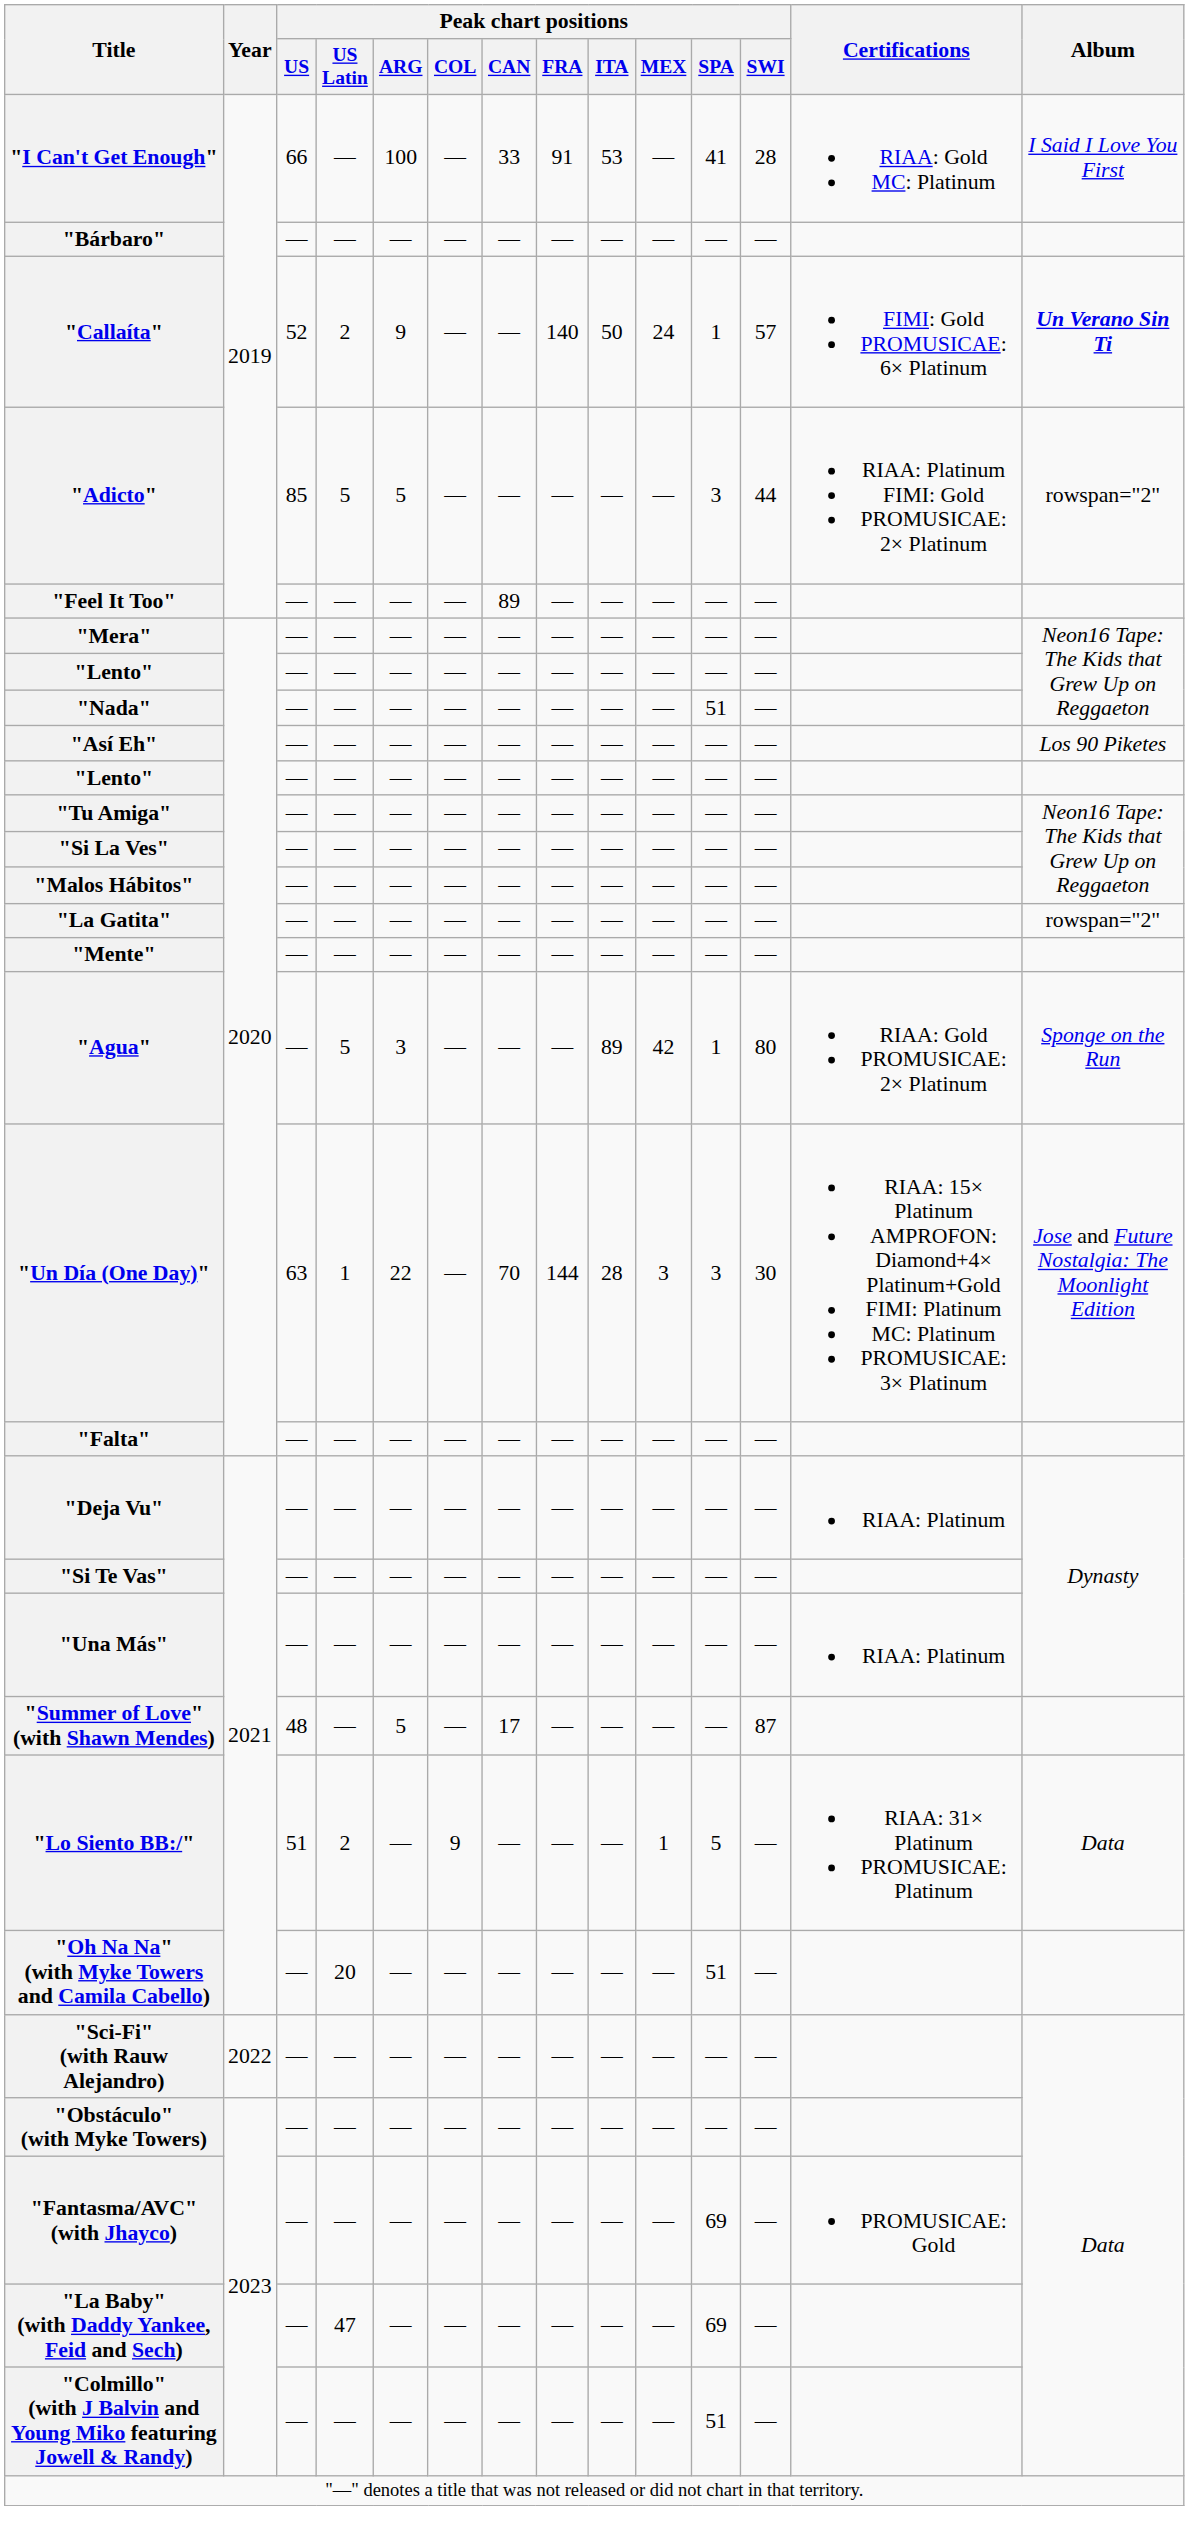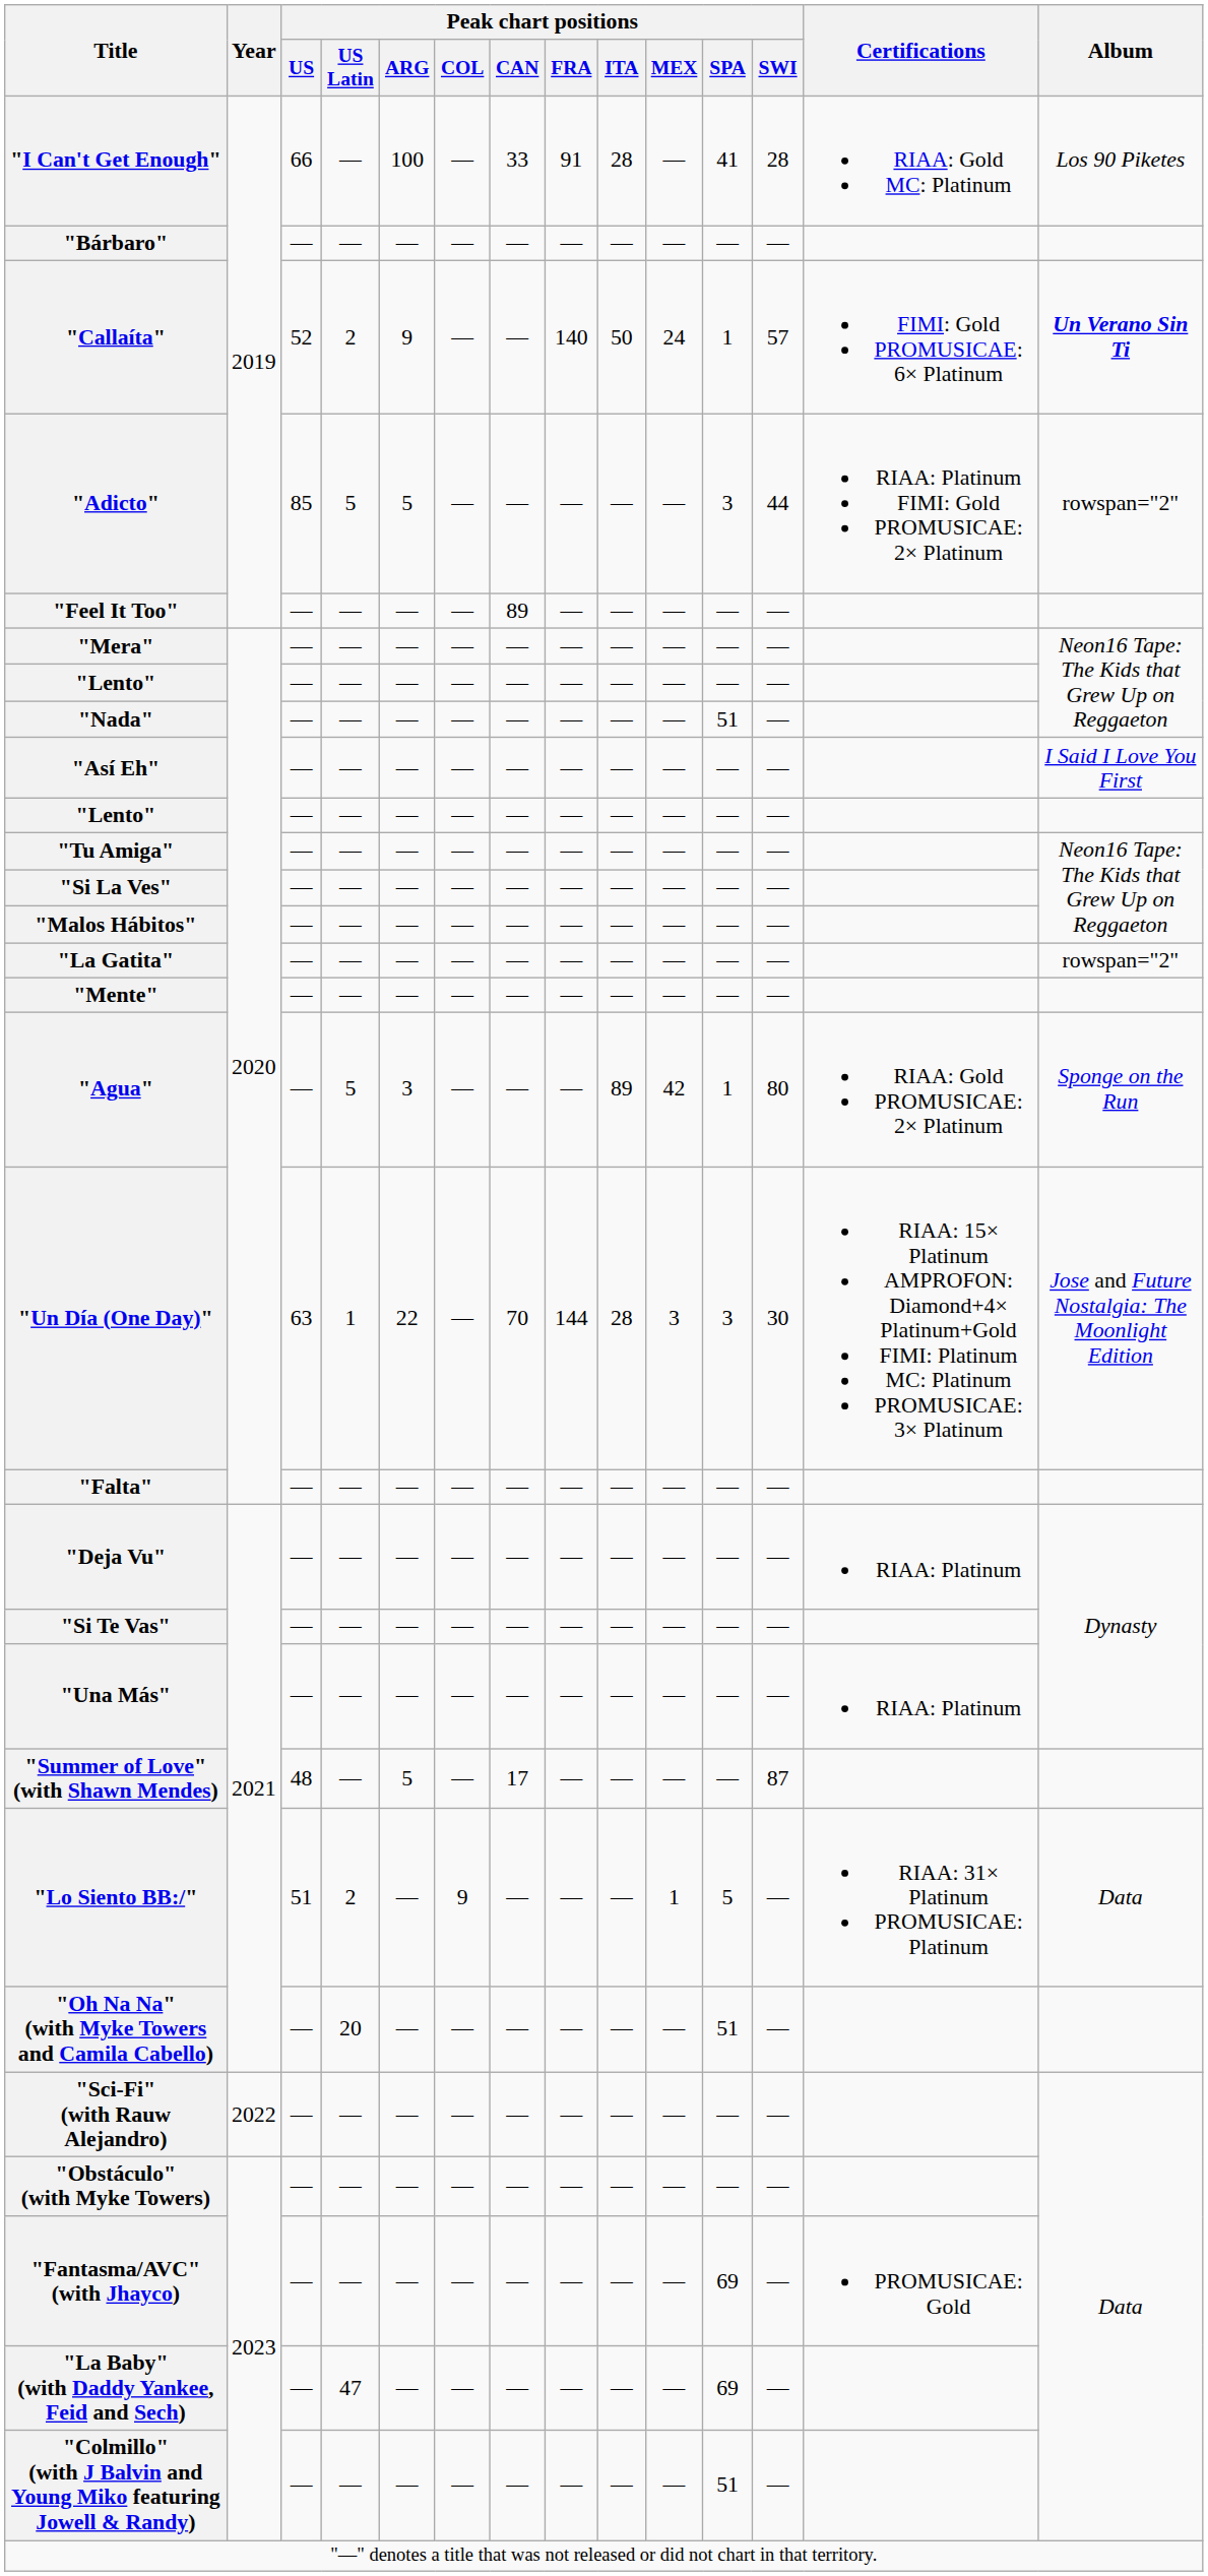 <table class="wikitable plainrowheaders" style="text-align:center;" border="1">
 <tr>
 <th scope="col" rowspan="2" style="width:17.5em;">Title</th>
 <th scope="col" rowspan="2" style="width:1em;">Year</th>
 <th scope="col" colspan="10">Peak chart positions</th>
 <th scope="col" rowspan="2" style="width:14em;"><a href='#'>Certifications</a></th>
 <th scope="col" rowspan="2" style="width:14em;">Album</th>
 </tr>
 <tr>
 <th scope="col" style="width:2.8em;font-size:90%;"><a href='#'>US</a><br></th>
 <th scope="col" style="width:2.8em;font-size:90%;"><a href='#'>US<br>Latin</a><br></th>
 <th scope="col" style="width:2.8em;font-size:90%;"><a href='#'>ARG</a><br></th>
 <th scope="col" style="width:2.8em;font-size:90%;"><a href='#'>COL</a><br></th>
 <th scope="col" style="width:2.8em;font-size:90%;"><a href='#'>CAN</a><br></th>
 <th scope="col" style="width:2.8em;font-size:90%;"><a href='#'>FRA</a><br></th>
 <th scope="col" style="width:2.8em;font-size:90%;"><a href='#'>ITA</a><br></th>
 <th scope="col" style="width:2.8em;font-size:90%;"><a href='#'>MEX</a><br></th>
 <th scope="col" style="width:2.8em;font-size:90%;"><a href='#'>SPA</a><br></th>
 <th scope="col" style="width:2.8em;font-size:90%;"><a href='#'>SWI</a><br></th>
 </tr>
 <tr>
 <th scope="row">"<a href='#'>I Can't Get Enough</a>"<br></th>
 <td rowspan="5">2019</td>
 <td>66</td>
 <td>—</td>
 <td>100</td>
 <td>—</td>
 <td>33</td>
 <td>91</td>
-<td>53</td>
+<td>28<br></td>
 <td>—</td>
 <td>41</td>
 <td>28</td>
 <td><br><ul><li><a href='#'>RIAA</a>: Gold</li><li><a href='#'>MC</a>: Platinum</li></ul></td>
-<td><em><a href='#'>I Said I Love You First</a></em></td>
+<td><em>Los 90 Piketes</em></td>
 </tr>
 <tr>
 <th scope="row">"Bárbaro"<br></th>
 <td>—</td>
 <td>—</td>
 <td>—</td>
 <td>—</td>
 <td>—</td>
 <td>—</td>
 <td>—</td>
 <td>—</td>
 <td>—</td>
 <td>—</td>
 <td></td>
 <td></td>
 </tr>
 <tr>
 <th scope="row">"<a href='#'>Callaíta</a>"<br></th>
 <td>52</td>
 <td>2</td>
 <td>9</td>
 <td>—</td>
 <td>—</td>
 <td>140</td>
 <td>50</td>
 <td>24</td>
 <td>1</td>
 <td>57</td>
 <td><br><ul><li><a href='#'>FIMI</a>: Gold</li><li><a href='#'>PROMUSICAE</a>: 6× Platinum</li></ul></td>
 <td><strong><em><a href='#'>Un Verano Sin Ti</a></em></strong></td>
 </tr>
 <tr>
 <th scope="row">"<a href='#'>Adicto</a>"<br></th>
 <td>85</td>
 <td>5</td>
 <td>5</td>
 <td>—</td>
 <td>—</td>
 <td>—</td>
 <td>—</td>
 <td>—</td>
 <td>3</td>
 <td>44</td>
 <td><br><ul><li>RIAA: Platinum</li><li>FIMI: Gold</li><li>PROMUSICAE: 2× Platinum</li></ul></td>
 <td>rowspan="2" </td>
 </tr>
 <tr>
 <th scope="row">"Feel It Too"<br></th>
 <td>—</td>
 <td>—</td>
 <td>—</td>
 <td>—</td>
 <td>89</td>
 <td>—</td>
 <td>—</td>
 <td>—</td>
 <td>—</td>
 <td>—</td>
 <td></td>
 </tr>
 <tr>
 <th scope="row">"Mera"<br></th>
 <td rowspan="13">2020</td>
 <td>—</td>
 <td>—</td>
 <td>—</td>
 <td>—</td>
 <td>—</td>
 <td>—</td>
 <td>—</td>
 <td>—</td>
 <td>—</td>
 <td>—</td>
 <td></td>
 <td rowspan="3"><em>Neon16 Tape: The Kids that Grew Up on Reggaeton</em></td>
 </tr>
 <tr>
 <th scope="row">"Lento"<br></th>
 <td>—</td>
 <td>—</td>
 <td>—</td>
 <td>—</td>
 <td>—</td>
 <td>—</td>
 <td>—</td>
 <td>—</td>
 <td>—</td>
 <td>—</td>
 <td></td>
 </tr>
 <tr>
 <th scope="row">"Nada"<br></th>
 <td>—</td>
 <td>—</td>
 <td>—</td>
 <td>—</td>
 <td>—</td>
 <td>—</td>
 <td>—</td>
 <td>—</td>
 <td>51</td>
 <td>—</td>
 <td></td>
 </tr>
 <tr>
 <th scope="row">"Así Eh"<br></th>
 <td>—</td>
 <td>—</td>
 <td>—</td>
 <td>—</td>
 <td>—</td>
 <td>—</td>
 <td>—</td>
 <td>—</td>
 <td>—</td>
 <td>—</td>
 <td></td>
-<td><em>Los 90 Piketes</em></td>
+<td><em><a href='#'>I Said I Love You First</a></em></td>
 </tr>
 <tr>
 <th scope="row">"Lento"<br></th>
 <td>—</td>
 <td>—</td>
 <td>—</td>
 <td>—</td>
 <td>—</td>
 <td>—</td>
 <td>—</td>
 <td>—</td>
 <td>—</td>
 <td>—</td>
 <td></td>
 <td></td>
 </tr>
 <tr>
 <th scope="row">"Tu Amiga"<br></th>
 <td>—</td>
 <td>—</td>
 <td>—</td>
 <td>—</td>
 <td>—</td>
 <td>—</td>
 <td>—</td>
 <td>—</td>
 <td>—</td>
 <td>—</td>
 <td></td>
 <td rowspan="3"><em>Neon16 Tape: The Kids that Grew Up on Reggaeton</em></td>
 </tr>
 <tr>
 <th scope="row">"Si La Ves"<br></th>
 <td>—</td>
 <td>—</td>
 <td>—</td>
 <td>—</td>
 <td>—</td>
 <td>—</td>
 <td>—</td>
 <td>—</td>
 <td>—</td>
 <td>—</td>
 <td></td>
 </tr>
 <tr>
 <th scope="row">"Malos Hábitos"<br></th>
 <td>—</td>
 <td>—</td>
 <td>—</td>
 <td>—</td>
 <td>—</td>
 <td>—</td>
 <td>—</td>
 <td>—</td>
 <td>—</td>
 <td>—</td>
 <td></td>
 </tr>
 <tr>
 <th scope="row">"La Gatita"<br></th>
 <td>—</td>
 <td>—</td>
 <td>—</td>
 <td>—</td>
 <td>—</td>
 <td>—</td>
 <td>—</td>
 <td>—</td>
 <td>—</td>
 <td>—</td>
 <td></td>
 <td>rowspan="2" </td>
 </tr>
 <tr>
 <th scope="row">"Mente"<br></th>
 <td>—</td>
 <td>—</td>
 <td>—</td>
 <td>—</td>
 <td>—</td>
 <td>—</td>
 <td>—</td>
 <td>—</td>
 <td>—</td>
 <td>—</td>
 <td></td>
 </tr>
 <tr>
 <th scope="row">"<a href='#'>Agua</a>"<br></th>
 <td>—</td>
 <td>5</td>
 <td>3</td>
 <td>—</td>
 <td>—</td>
 <td>—</td>
 <td>89</td>
 <td>42</td>
 <td>1</td>
 <td>80</td>
 <td><br><ul><li>RIAA: Gold</li><li>PROMUSICAE: 2× Platinum</li></ul></td>
 <td><em><a href='#'>Sponge on the Run</a></em></td>
 </tr>
 <tr>
 <th scope="row">"<a href='#'>Un Día (One Day)</a>"<br></th>
 <td>63</td>
 <td>1</td>
 <td>22</td>
 <td>—</td>
 <td>70</td>
 <td>144</td>
 <td>28<br></td>
 <td>3</td>
 <td>3</td>
 <td>30</td>
 <td><br><ul><li>RIAA: 15× Platinum </li><li>AMPROFON: Diamond+4× Platinum+Gold</li><li>FIMI: Platinum</li><li>MC: Platinum</li><li>PROMUSICAE: 3× Platinum</li></ul></td>
 <td><em><a href='#'>Jose</a></em> and <em><a href='#'>Future Nostalgia: The Moonlight Edition</a></em></td>
 </tr>
 <tr>
 <th scope="row">"Falta"<br></th>
 <td>—</td>
 <td>—</td>
 <td>—</td>
 <td>—</td>
 <td>—</td>
 <td>—</td>
 <td>—</td>
 <td>—</td>
 <td>—</td>
 <td>—</td>
 <td></td>
 <td></td>
 </tr>
 <tr>
 <th scope="row">"Deja Vu"<br></th>
 <td rowspan="6">2021</td>
 <td>—</td>
 <td>—</td>
 <td>—</td>
 <td>—</td>
 <td>—</td>
 <td>—</td>
 <td>—</td>
 <td>—</td>
 <td>—</td>
 <td>—</td>
 <td><br><ul><li>RIAA: Platinum </li></ul></td>
 <td rowspan="3"><em>Dynasty</em></td>
 </tr>
 <tr>
 <th scope="row">"Si Te Vas"<br></th>
 <td>—</td>
 <td>—</td>
 <td>—</td>
 <td>—</td>
 <td>—</td>
 <td>—</td>
 <td>—</td>
 <td>—</td>
 <td>—</td>
 <td>—</td>
 <td></td>
 </tr>
 <tr>
 <th scope="row">"Una Más"<br></th>
 <td>—</td>
 <td>—</td>
 <td>—</td>
 <td>—</td>
 <td>—</td>
 <td>—</td>
 <td>—</td>
 <td>—</td>
 <td>—</td>
 <td>—</td>
 <td><br><ul><li>RIAA: Platinum </li></ul></td>
 </tr>
 <tr>
 <th scope="row">"<a href='#'>Summer of Love</a>"<br><span>(with <a href='#'>Shawn Mendes</a>)</span></th>
 <td>48</td>
 <td>—</td>
 <td>5</td>
 <td>—</td>
 <td>17</td>
 <td>—</td>
 <td>—</td>
 <td>—</td>
 <td>—</td>
 <td>87</td>
 <td></td>
 <td></td>
 </tr>
 <tr>
 <th scope="row">"<a href='#'>Lo Siento BB:/</a>"<br></th>
 <td>51</td>
 <td>2</td>
 <td>—</td>
 <td>9</td>
 <td>—</td>
 <td>—</td>
 <td>—</td>
 <td>1</td>
 <td>5</td>
 <td>—</td>
 <td><br><ul><li>RIAA: 31× Platinum </li><li>PROMUSICAE: Platinum</li></ul></td>
 <td><em>Data</em></td>
 </tr>
 <tr>
 <th scope="row">"<a href='#'>Oh Na Na</a>"<br><span>(with <a href='#'>Myke Towers</a> and <a href='#'>Camila Cabello</a>)</span></th>
 <td>—</td>
 <td>20</td>
 <td>—</td>
 <td>—</td>
 <td>—</td>
 <td>—</td>
 <td>—</td>
 <td>—</td>
 <td>51</td>
 <td>—</td>
 <td></td>
 <td></td>
 </tr>
 <tr>
 <th scope="row">"Sci-Fi"<br><span>(with Rauw Alejandro)</span></th>
 <td>2022</td>
 <td>—</td>
 <td>—</td>
 <td>—</td>
 <td>—</td>
 <td>—</td>
 <td>—</td>
 <td>—</td>
 <td>—</td>
 <td>—</td>
 <td>—</td>
 <td></td>
 <td rowspan="5"><em>Data</em></td>
 </tr>
 <tr>
 <th scope="row">"Obstáculo"<br><span>(with Myke Towers)</span></th>
 <td rowspan="4">2023</td>
 <td>—</td>
 <td>—</td>
 <td>—</td>
 <td>—</td>
 <td>—</td>
 <td>—</td>
 <td>—</td>
 <td>—</td>
 <td>—</td>
 <td>—</td>
 <td></td>
 </tr>
 <tr>
 <th scope="row">"Fantasma/AVC"<br><span>(with <a href='#'>Jhayco</a>)</span></th>
 <td>—</td>
 <td>—</td>
 <td>—</td>
 <td>—</td>
 <td>—</td>
 <td>—</td>
 <td>—</td>
 <td>—</td>
 <td>69</td>
 <td>—</td>
 <td><br><ul><li>PROMUSICAE: Gold</li></ul></td>
 </tr>
 <tr>
 <th scope="row">"La Baby"<br><span>(with <a href='#'>Daddy Yankee</a>, <a href='#'>Feid</a> and <a href='#'>Sech</a>)</span></th>
 <td>—</td>
 <td>47</td>
 <td>—</td>
 <td>—</td>
 <td>—</td>
 <td>—</td>
 <td>—</td>
 <td>—</td>
 <td>69</td>
 <td>—</td>
 <td></td>
 </tr>
 <tr>
 <th scope="row">"Colmillo"<br><span>(with <a href='#'>J Balvin</a> and <a href='#'>Young Miko</a> featuring <a href='#'>Jowell & Randy</a>)</span></th>
 <td>—</td>
 <td>—</td>
 <td>—</td>
 <td>—</td>
 <td>—</td>
 <td>—</td>
 <td>—</td>
 <td>—</td>
 <td>51</td>
 <td>—</td>
 <td></td>
 </tr>
 <tr>
 <td colspan="14" style="font-size:85%">"—" denotes a title that was not released or did not chart in that territory.</td>
 </tr>
 </table>
